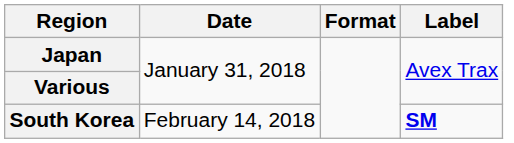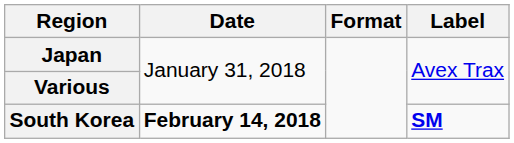 <table class="wikitable plainrowheaders">
 <tr>
 <th>Region</th>
 <th>Date</th>
 <th>Format</th>
 <th>Label</th>
 </tr>
 <tr>
 <th scope="row">Japan</th>
 <td rowspan="2">January 31, 2018</td>
 <td rowspan="3"></td>
 <td rowspan="2"><a href='#'>Avex Trax</a></td>
 </tr>
 <tr>
 <th scope="row">Various</th>
 </tr>
 <tr>
 <th scope="row">South Korea</th>
-<td>February 14, 2018</td>
+<td><strong>February 14, 2018</strong></td>
 <td><strong><a href='#'>SM</a></strong></td>
 </tr>
 </table>
